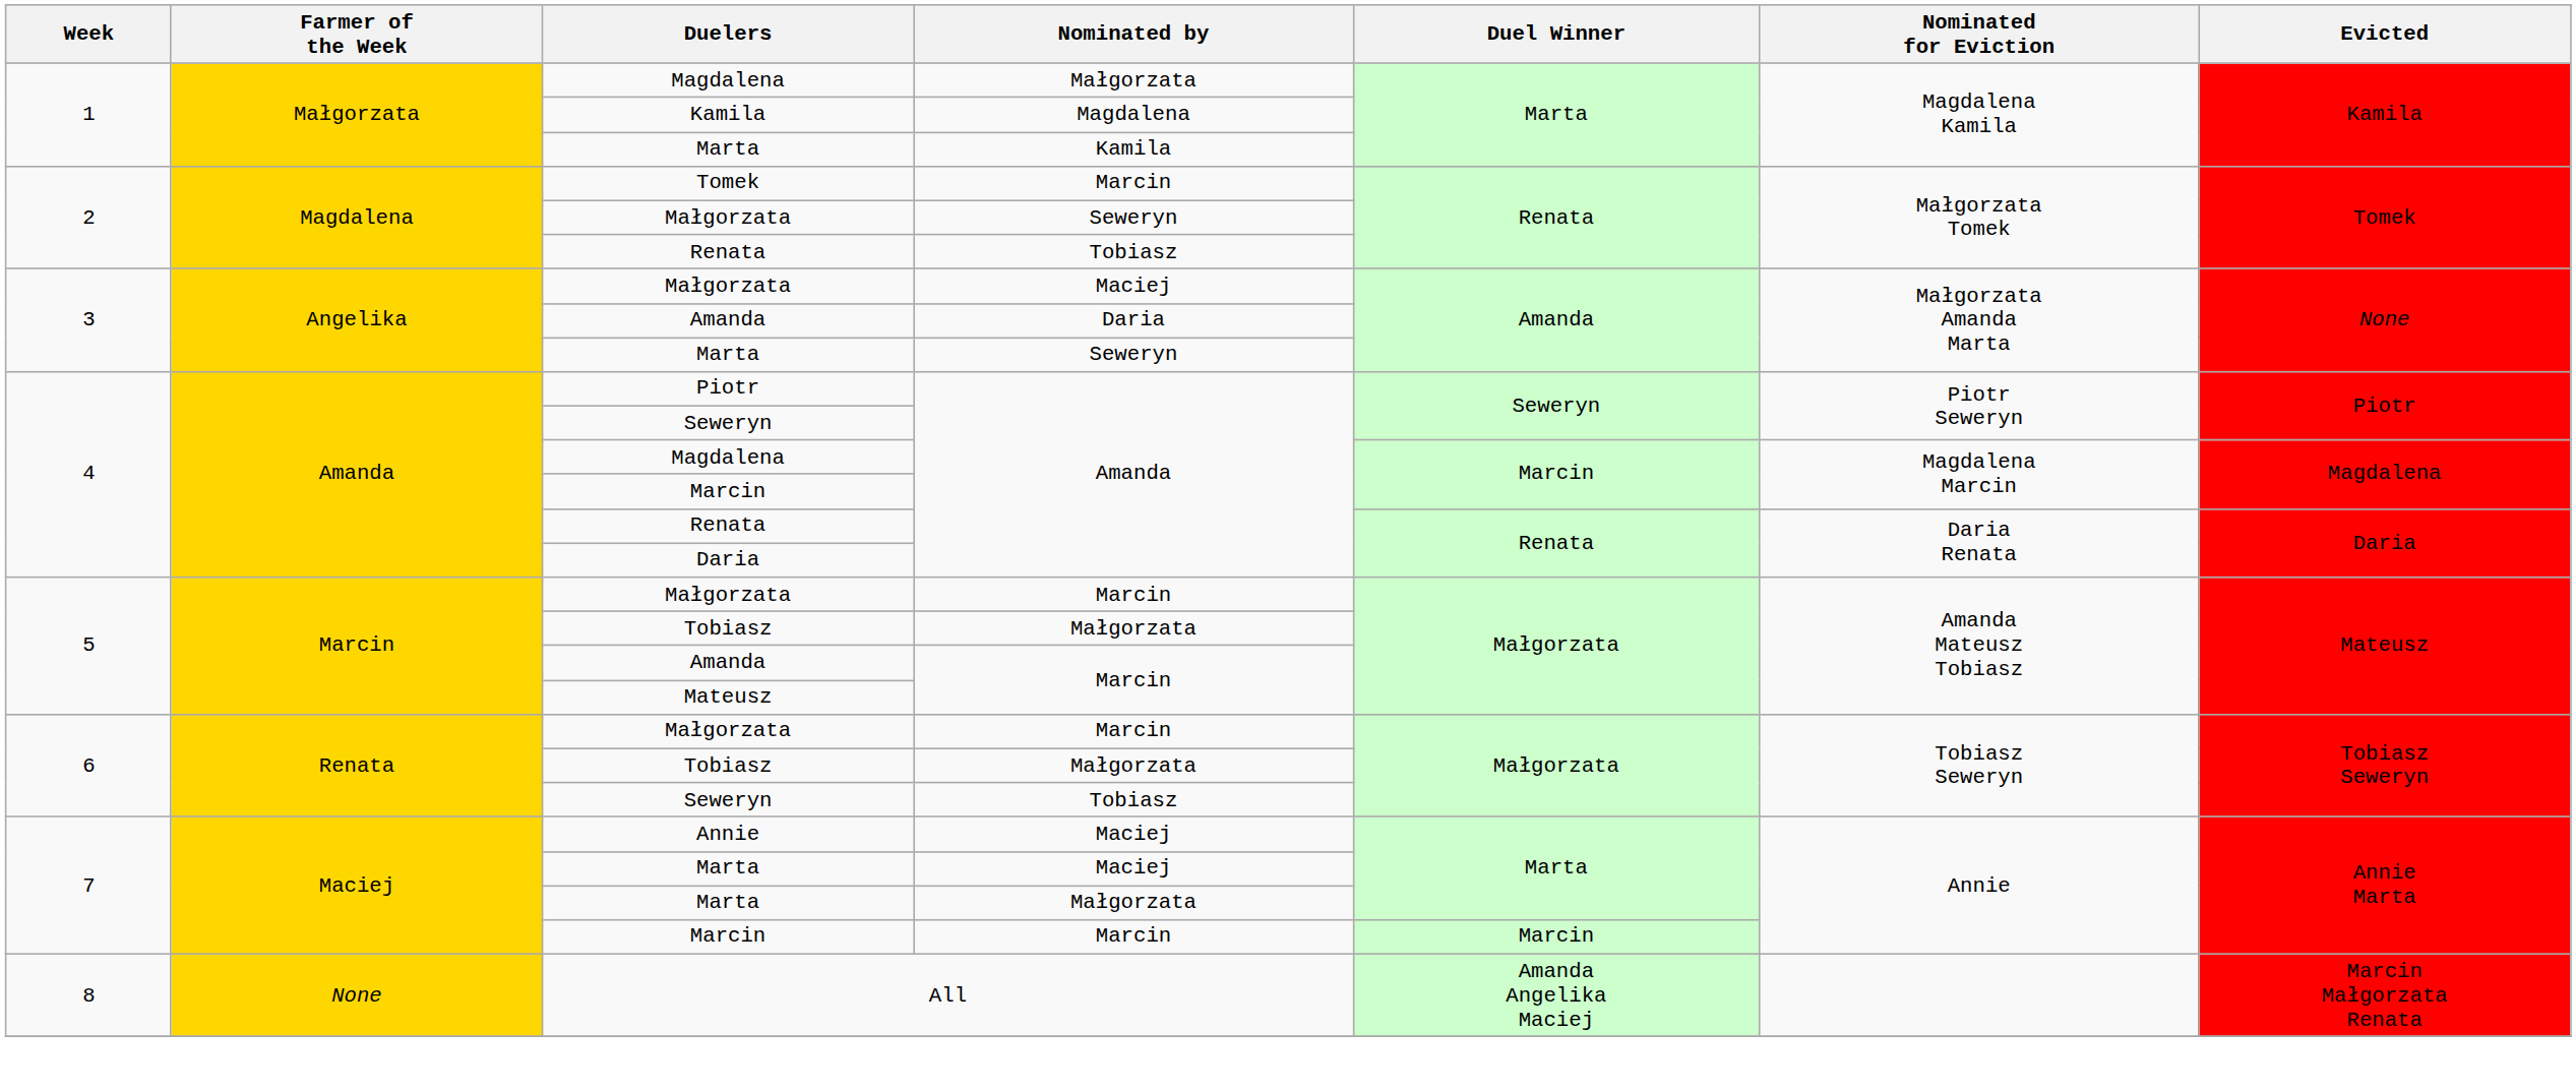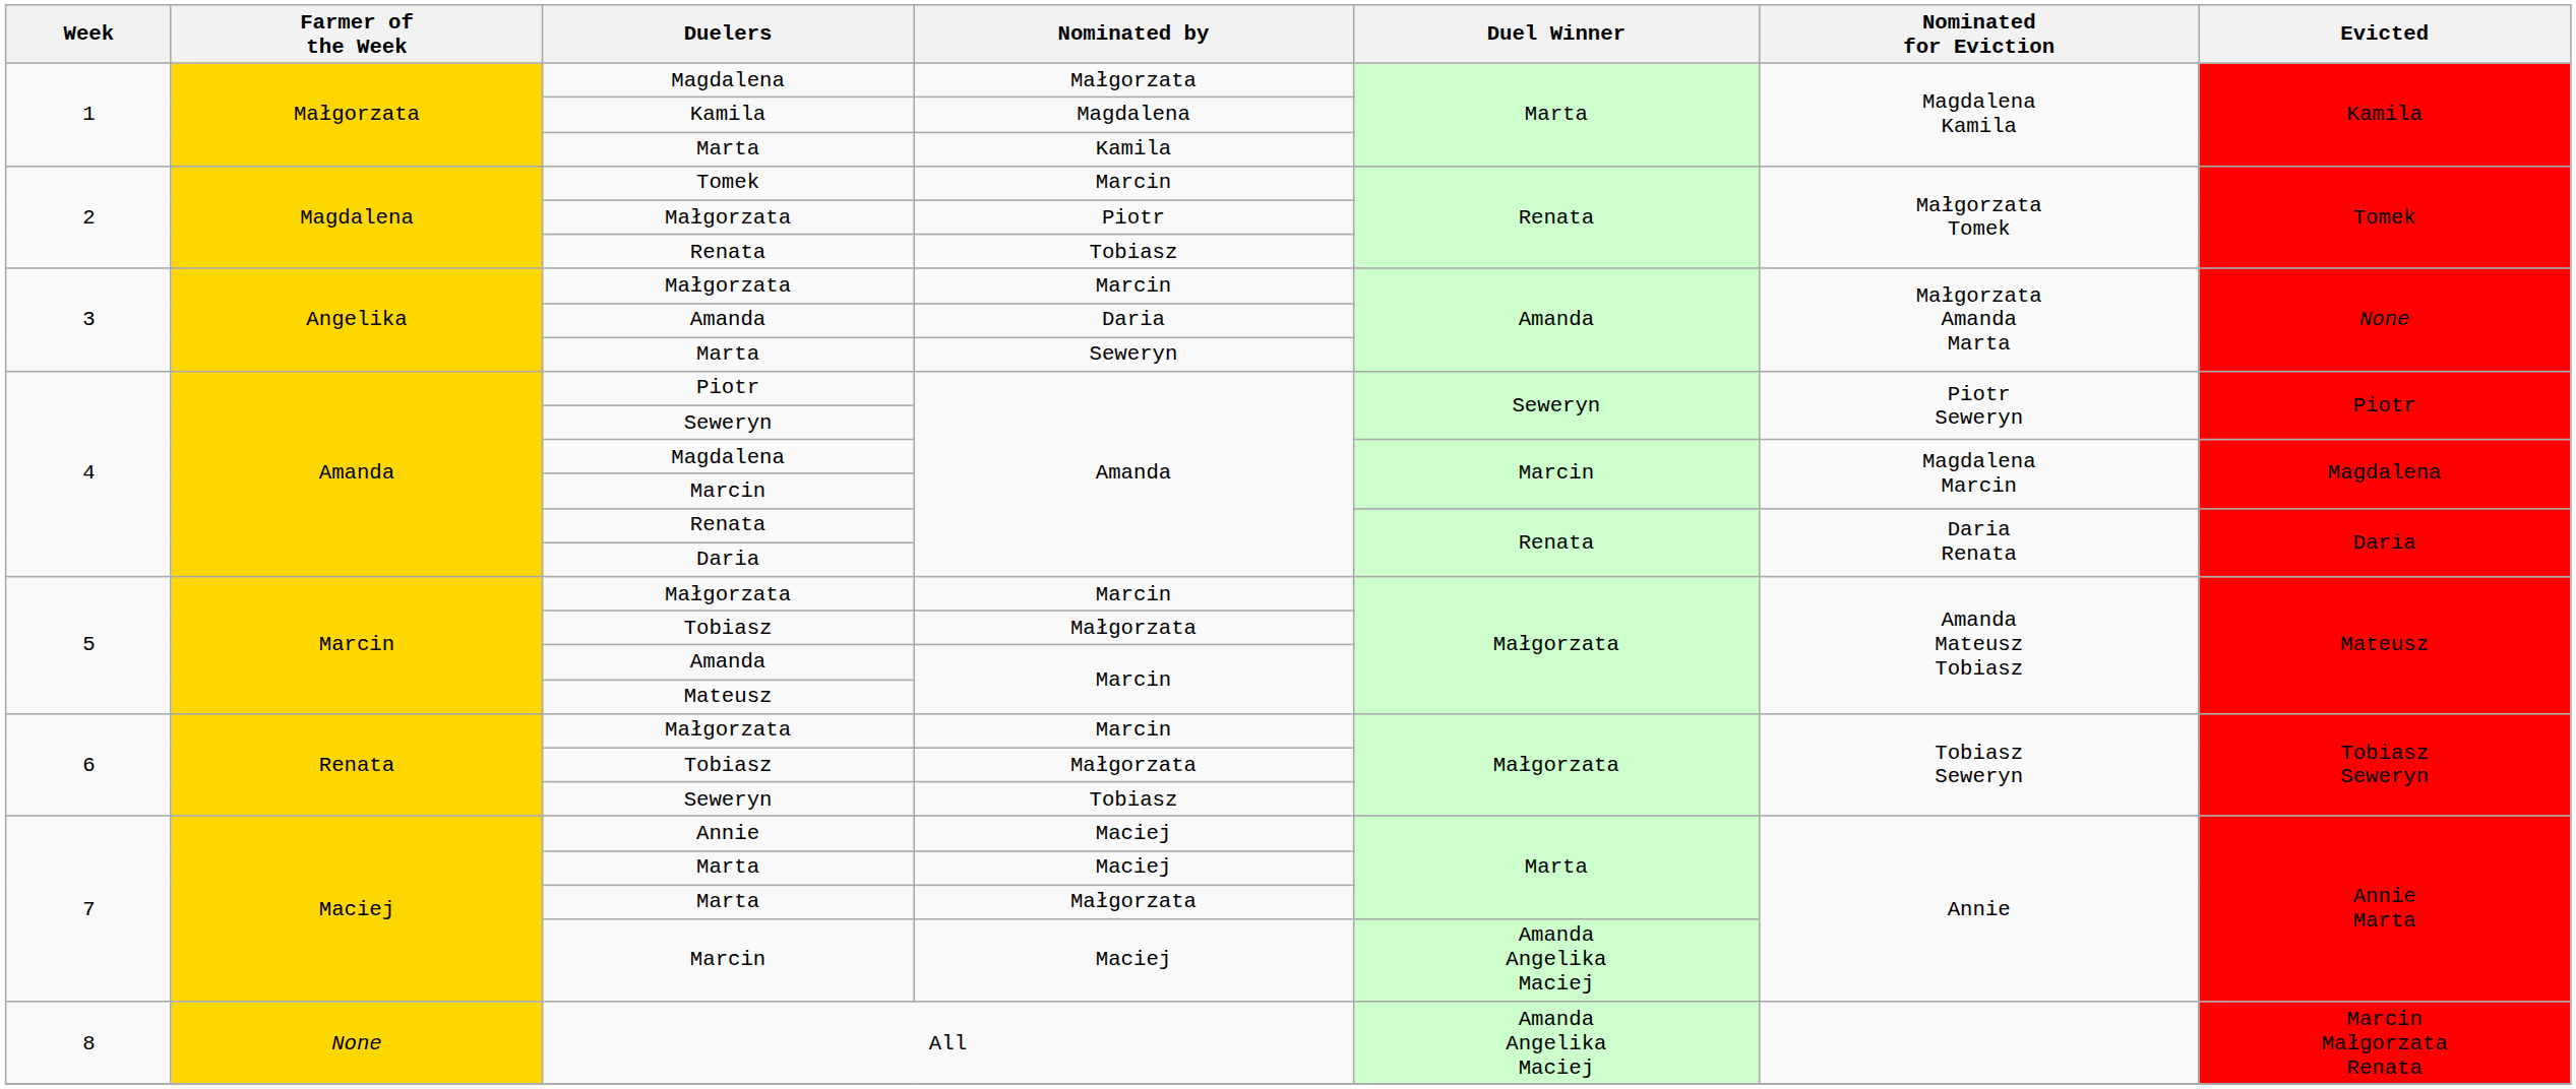 <table class="wikitable" style="font-size:100%; text-align:center; width: 80%; margin-left: auto; margin-right: auto;">
 <tr>
 <th>Week</th>
 <th>Farmer of<br>the Week</th>
 <th>Duelers</th>
 <th>Nominated by</th>
 <th>Duel Winner</th>
 <th>Nominated<br>for Eviction</th>
 <th>Evicted</th>
 </tr>
 <tr>
 <td rowspan="3">1</td>
 <td rowspan="3" style="background:gold;">Małgorzata</td>
 <td>Magdalena</td>
 <td>Małgorzata</td>
 <td rowspan="3" style="background:#cfc">Marta</td>
 <td rowspan="3">Magdalena<br>Kamila</td>
 <td rowspan="3" style="background:#ff0000">Kamila</td>
 </tr>
 <tr>
 <td>Kamila</td>
 <td>Magdalena</td>
 </tr>
 <tr>
 <td>Marta</td>
 <td>Kamila</td>
 </tr>
 <tr>
 <td rowspan="3">2</td>
 <td rowspan="3" style="background:gold;">Magdalena</td>
 <td rowspan="1">Tomek</td>
 <td rowspan="1">Marcin</td>
 <td rowspan="3" style="background:#cfc">Renata</td>
 <td rowspan="3">Małgorzata<br>Tomek</td>
 <td rowspan="3" style="background:#ff0000">Tomek</td>
 </tr>
 <tr>
 <td>Małgorzata</td>
-<td>Seweryn</td>
+<td>Piotr</td>
 </tr>
 <tr>
 <td>Renata</td>
 <td>Tobiasz</td>
 </tr>
 <tr>
 <td rowspan="3">3</td>
 <td rowspan="3" style="background:gold;">Angelika</td>
 <td rowspan="1">Małgorzata</td>
-<td>Maciej</td>
+<td rowspan="1">Marcin</td>
 <td rowspan="3" style="background:#cfc">Amanda</td>
 <td rowspan="3">Małgorzata<br>Amanda<br>Marta</td>
 <td rowspan="3" style="background:#ff0000"><em>None</em></td>
 </tr>
 <tr>
 <td>Amanda</td>
 <td>Daria</td>
 </tr>
 <tr>
 <td>Marta</td>
 <td>Seweryn</td>
 </tr>
 <tr>
 <td rowspan="6">4</td>
 <td rowspan="6" style="background:gold;">Amanda</td>
 <td rowspan="1">Piotr</td>
 <td rowspan="6">Amanda</td>
 <td rowspan="2" style="background:#cfc">Seweryn</td>
 <td rowspan="2">Piotr<br>Seweryn</td>
 <td rowspan="2" style="background:#ff0000">Piotr</td>
 </tr>
 <tr>
 <td>Seweryn</td>
 </tr>
 <tr>
 <td>Magdalena</td>
 <td rowspan="2" style="background:#cfc">Marcin</td>
 <td rowspan="2">Magdalena<br>Marcin</td>
 <td rowspan="2" style="background:#ff0000">Magdalena</td>
 </tr>
 <tr>
 <td>Marcin</td>
 </tr>
 <tr>
 <td>Renata</td>
 <td rowspan="2" style="background:#cfc">Renata</td>
 <td rowspan="2">Daria<br>Renata</td>
 <td rowspan="2" style="background:#ff0000">Daria</td>
 </tr>
 <tr>
 <td>Daria</td>
 </tr>
 <tr>
 <td rowspan="4">5</td>
 <td rowspan="4" style="background:gold;">Marcin</td>
 <td rowspan="1">Małgorzata</td>
 <td rowspan="1">Marcin</td>
 <td rowspan="4" style="background:#cfc">Małgorzata</td>
 <td rowspan="4">Amanda<br>Mateusz<br>Tobiasz</td>
 <td rowspan="4" style="background:#ff0000">Mateusz</td>
 </tr>
 <tr>
 <td>Tobiasz</td>
 <td>Małgorzata</td>
 </tr>
 <tr>
 <td>Amanda</td>
 <td rowspan="2">Marcin</td>
 </tr>
 <tr>
 <td>Mateusz</td>
 </tr>
 <tr>
 <td rowspan="3">6</td>
 <td rowspan="3" style="background:gold;">Renata</td>
 <td rowspan="1">Małgorzata</td>
 <td rowspan="1">Marcin</td>
 <td rowspan="3" style="background:#cfc">Małgorzata</td>
 <td rowspan="3">Tobiasz<br>Seweryn</td>
 <td rowspan="3" style="background:#ff0000">Tobiasz<br>Seweryn</td>
 </tr>
 <tr>
 <td>Tobiasz</td>
 <td>Małgorzata</td>
 </tr>
 <tr>
 <td>Seweryn</td>
 <td>Tobiasz</td>
 </tr>
 <tr>
 <td rowspan="4">7</td>
 <td rowspan="4" style="background:gold;">Maciej</td>
 <td rowspan="1">Annie</td>
 <td rowspan="1">Maciej</td>
 <td rowspan="3" style="background:#cfc">Marta</td>
 <td rowspan="4">Annie</td>
 <td rowspan="4" style="background:#ff0000">Annie<br>Marta</td>
 </tr>
 <tr>
 <td>Marta</td>
 <td>Maciej</td>
 </tr>
 <tr>
 <td>Marta</td>
 <td>Małgorzata</td>
 </tr>
 <tr>
 <td>Marcin</td>
-<td rowspan="1">Marcin</td>
-<td rowspan="1" style="background:#cfc">Marcin</td>
+<td>Maciej</td>
+<td style="background:#cfc">Amanda<br>Angelika<br>Maciej</td>
 </tr>
 <tr>
 <td>8</td>
 <td style="background:gold; "><em>None</em></td>
 <td colspan="2" rowspan="1">All</td>
 <td style="background:#cfc">Amanda<br>Angelika<br>Maciej</td>
 <td></td>
 <td style="background:#ff0000">Marcin<br>Małgorzata<br>Renata</td>
 </tr>
 <tr>
 </tr>
 </table>
